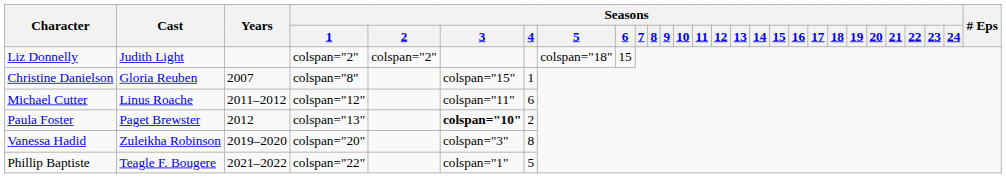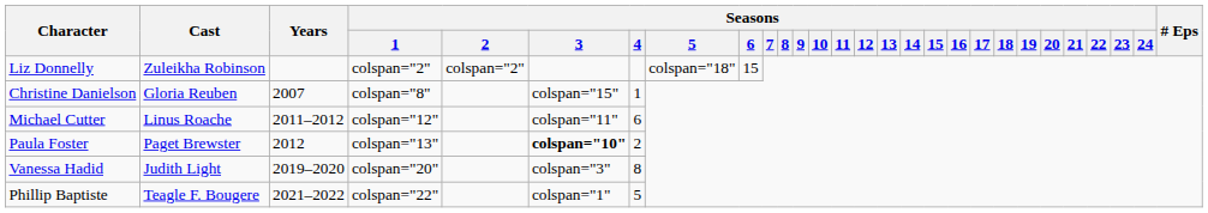 <table class="wikitable">
 <tr>
 <th rowspan="2">Character</th>
 <th rowspan="2">Cast</th>
 <th rowspan="2">Years</th>
 <th colspan="24">Seasons</th>
 <th rowspan="2"># Eps</th>
 </tr>
 <tr>
 <th><a href='#'>1</a></th>
 <th><a href='#'>2</a></th>
 <th><a href='#'>3</a></th>
 <th><a href='#'>4</a></th>
 <th><a href='#'>5</a></th>
 <th><a href='#'>6</a></th>
 <th><a href='#'>7</a></th>
 <th><a href='#'>8</a></th>
 <th><a href='#'>9</a></th>
 <th><a href='#'>10</a></th>
 <th><a href='#'>11</a></th>
 <th><a href='#'>12</a></th>
 <th><a href='#'>13</a></th>
 <th><a href='#'>14</a></th>
 <th><a href='#'>15</a></th>
 <th><a href='#'>16</a></th>
 <th><a href='#'>17</a></th>
 <th><a href='#'>18</a></th>
 <th><a href='#'>19</a></th>
 <th><a href='#'>20</a></th>
 <th><a href='#'>21</a></th>
 <th><a href='#'>22</a></th>
 <th><a href='#'>23</a></th>
 <th><a href='#'>24</a></th>
 </tr>
 <tr>
 <td><a href='#'>Liz Donnelly</a></td>
-<td><a href='#'>Judith Light</a></td>
+<td><a href='#'>Zuleikha Robinson</a></td>
 <td></td>
 <td>colspan="2" </td>
 <td>colspan="2" </td>
 <td></td>
 <td></td>
 <td>colspan="18" </td>
 <td>15</td>
 </tr>
 <tr>
 <td><a href='#'>Christine Danielson</a></td>
 <td><a href='#'>Gloria Reuben</a></td>
 <td>2007</td>
 <td>colspan="8" </td>
 <td></td>
 <td>colspan="15" </td>
 <td>1</td>
 </tr>
 <tr>
 <td><a href='#'>Michael Cutter</a></td>
 <td><a href='#'>Linus Roache</a></td>
 <td>2011–2012</td>
 <td>colspan="12" </td>
 <td></td>
 <td>colspan="11" </td>
 <td>6</td>
 </tr>
 <tr>
 <td><a href='#'>Paula Foster</a></td>
 <td><a href='#'>Paget Brewster</a></td>
 <td>2012</td>
 <td>colspan="13" </td>
 <td></td>
 <td><strong>colspan="10" </strong></td>
 <td>2</td>
 </tr>
 <tr>
 <td><a href='#'>Vanessa Hadid</a></td>
-<td><a href='#'>Zuleikha Robinson</a></td>
+<td><a href='#'>Judith Light</a></td>
 <td>2019–2020</td>
 <td>colspan="20" </td>
 <td></td>
 <td>colspan="3" </td>
 <td>8</td>
 </tr>
 <tr>
 <td>Phillip Baptiste</td>
 <td><a href='#'>Teagle F. Bougere</a></td>
 <td>2021–2022</td>
 <td>colspan="22" </td>
 <td></td>
 <td>colspan="1" </td>
 <td>5</td>
 </tr>
 </table>
